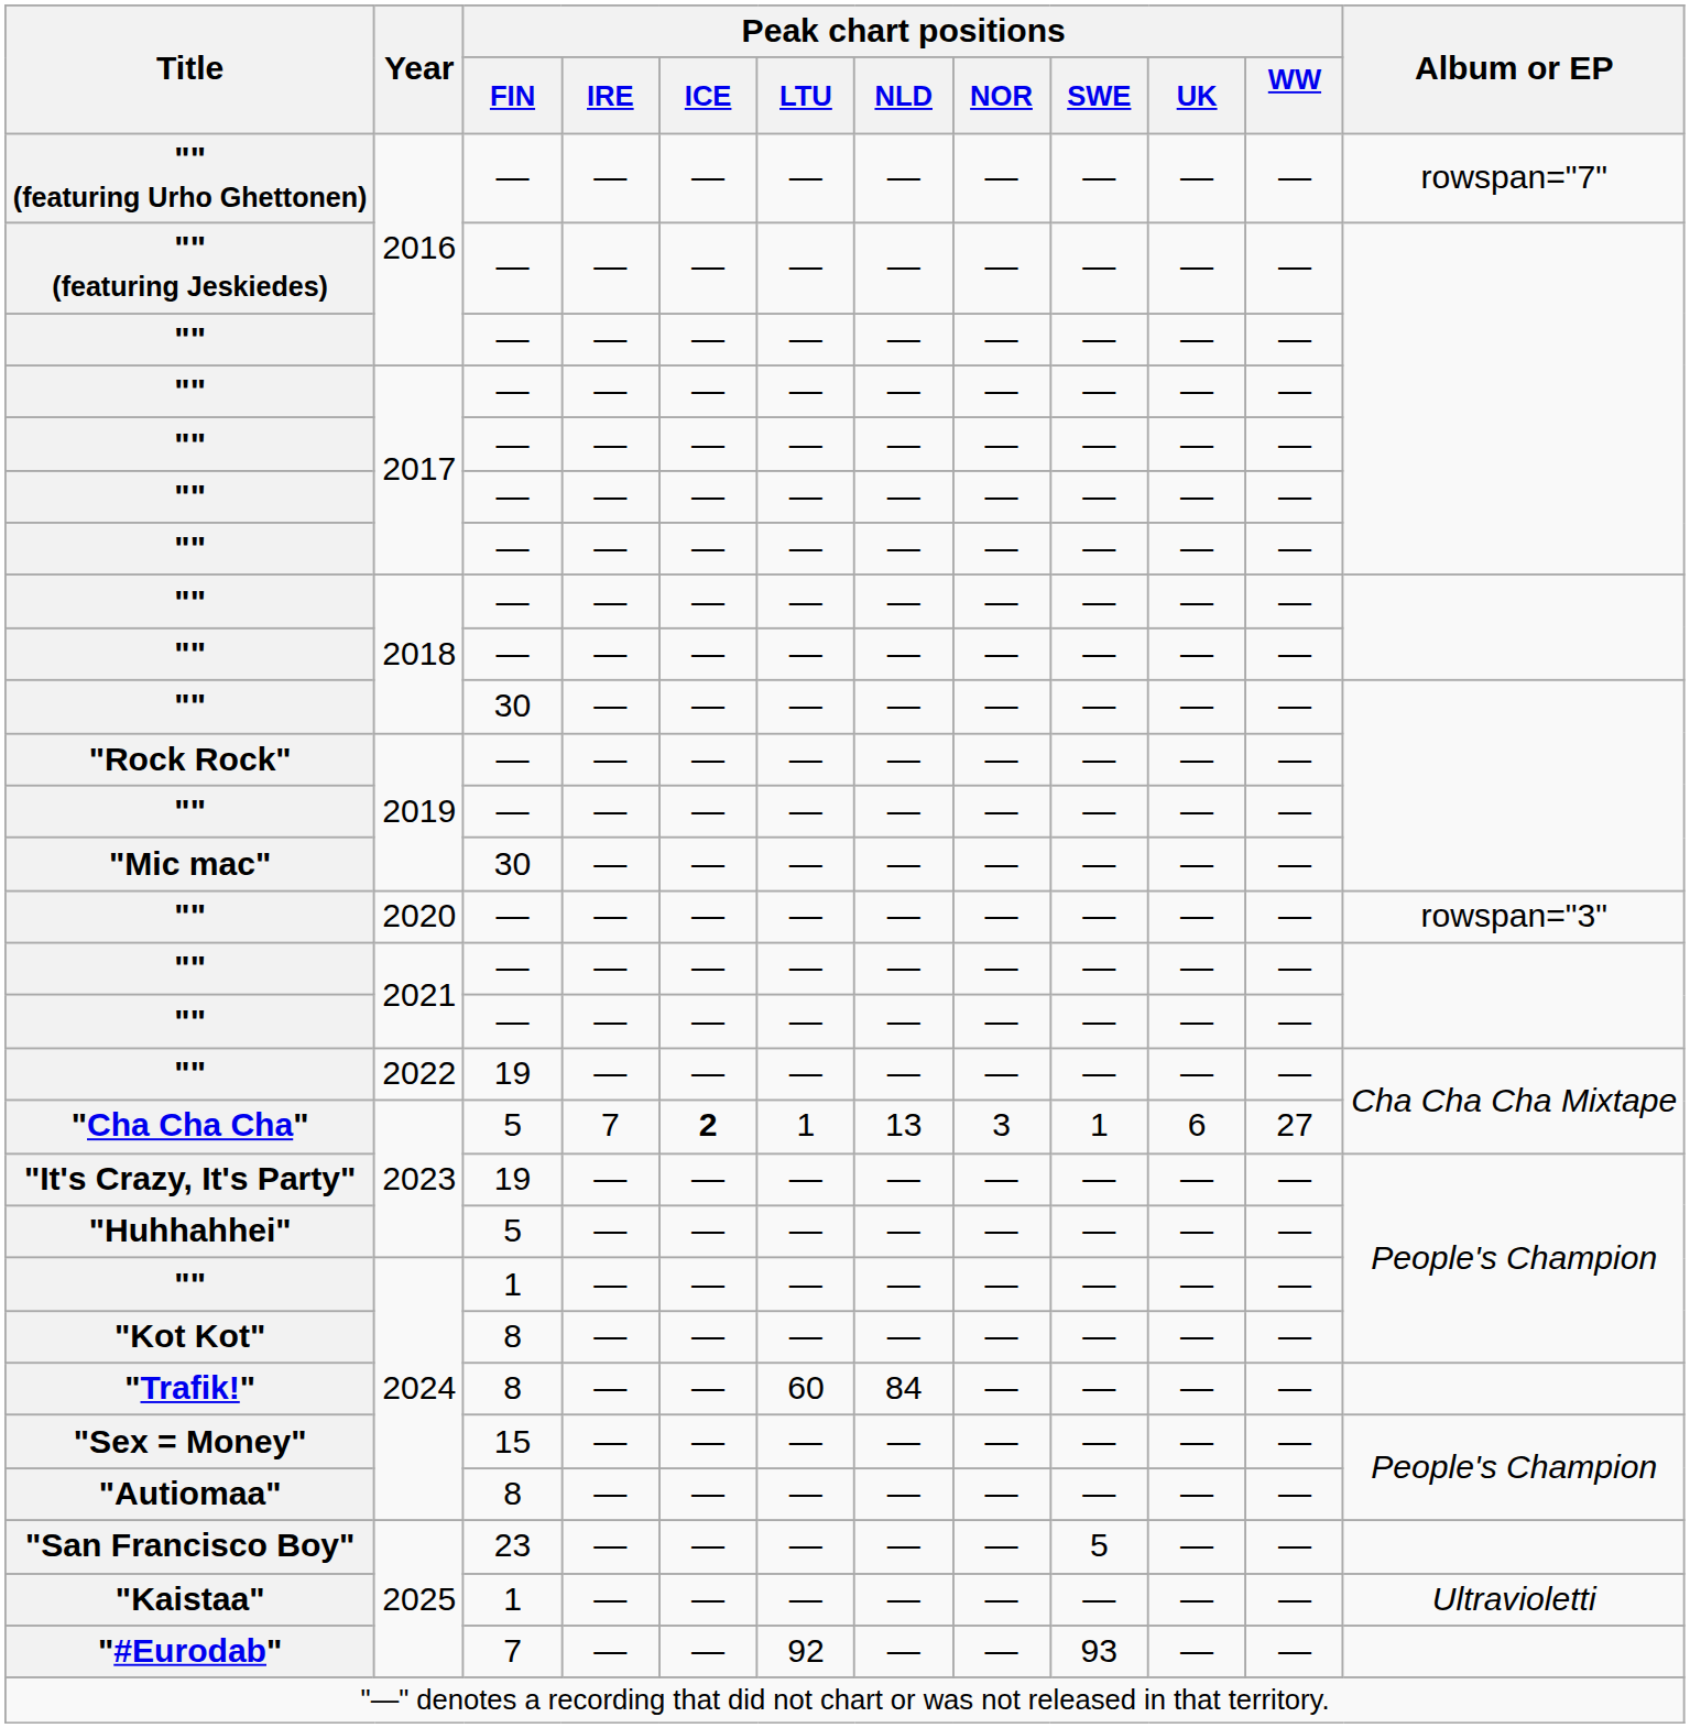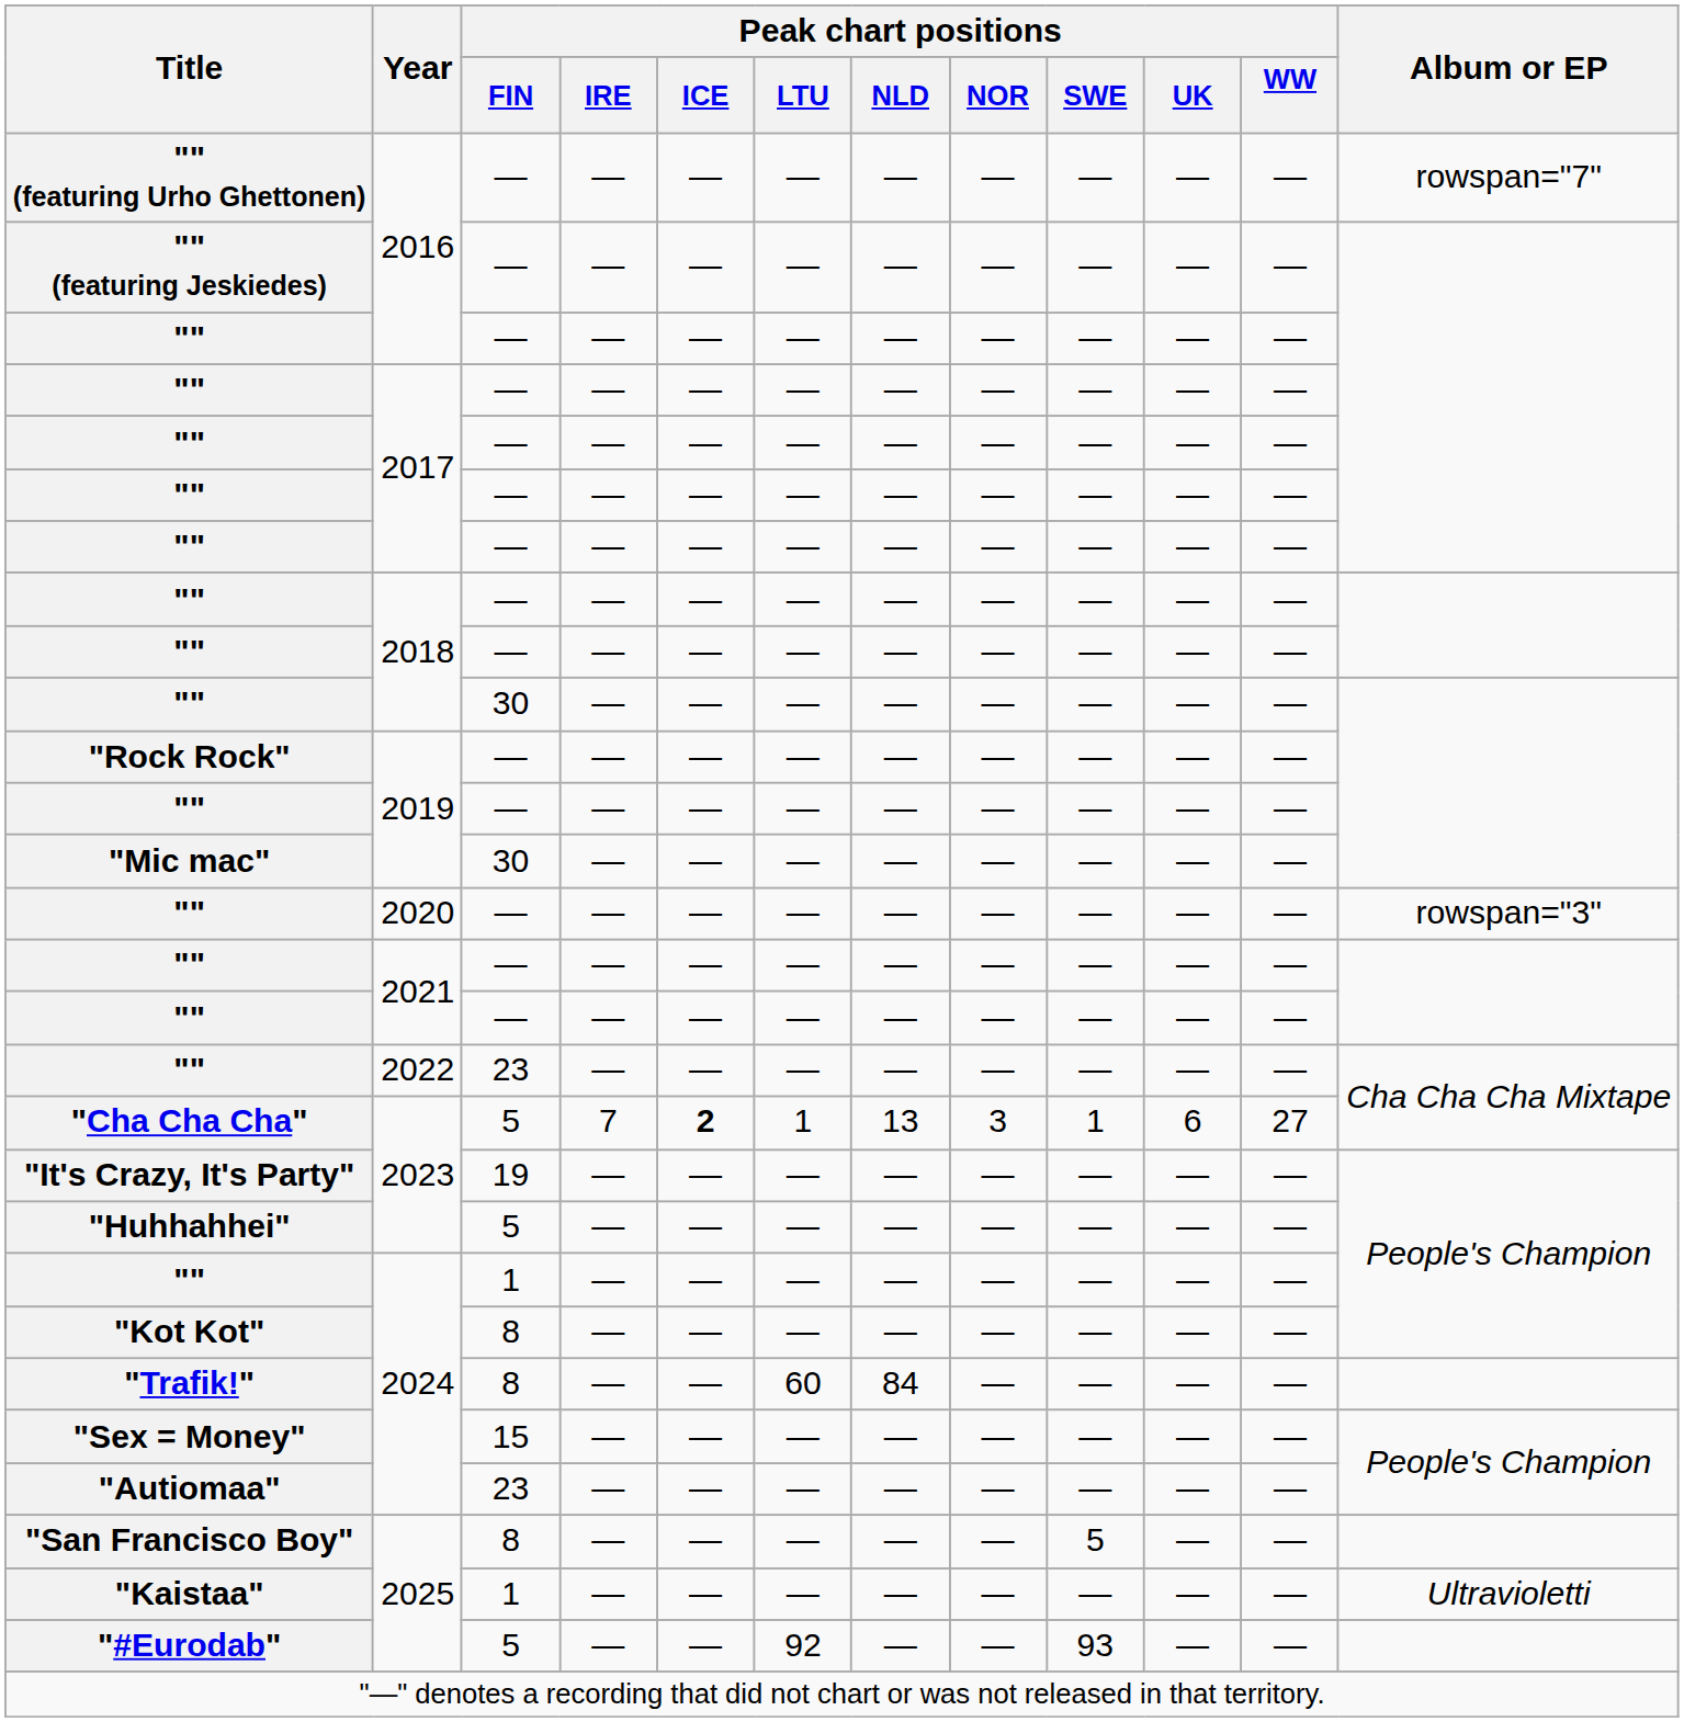 <table class="wikitable plainrowheaders" style="text-align:center;">
 <tr>
 <th scope="col" rowspan="2">Title</th>
 <th scope="col" rowspan="2">Year</th>
 <th scope="col" colspan="9">Peak chart positions</th>
 <th scope="col" rowspan="2">Album or EP</th>
 </tr>
 <tr>
 <th scope="col" style="width:3em;font-size:85%;"><a href='#'>FIN</a><br></th>
 <th scope="col" style="width:3em;font-size:85%;"><a href='#'>IRE</a><br></th>
 <th scope="col" style="width:3em;font-size:85%;"><a href='#'>ICE</a><br></th>
 <th scope="col" style="width:3em;font-size:85%;"><a href='#'>LTU</a><br></th>
 <th scope="col" style="width:3em;font-size:85%;"><a href='#'>NLD</a><br></th>
 <th scope="col" style="width:3em;font-size:85%;"><a href='#'>NOR</a><br></th>
 <th scope="col" style="width:3em;font-size:85%;"><a href='#'>SWE</a><br></th>
 <th scope="col" style="width:3em;font-size:85%;"><a href='#'>UK</a><br></th>
 <th scope="col" style="width:3em;font-size:85%;"><a href='#'>WW</a><br><br></th>
 </tr>
 <tr>
 <th scope="row">""<br><small>(featuring Urho Ghettonen)</small></th>
 <td rowspan="3">2016</td>
 <td>—</td>
 <td>—</td>
 <td>—</td>
 <td>—</td>
 <td>—</td>
 <td>—</td>
 <td>—</td>
 <td>—</td>
 <td>—</td>
 <td>rowspan="7" </td>
 </tr>
 <tr>
 <th scope="row">""<br><small>(featuring Jeskiedes)</small></th>
 <td>—</td>
 <td>—</td>
 <td>—</td>
 <td>—</td>
 <td>—</td>
 <td>—</td>
 <td>—</td>
 <td>—</td>
 <td>—</td>
 </tr>
 <tr>
 <th scope="row">""</th>
 <td>—</td>
 <td>—</td>
 <td>—</td>
 <td>—</td>
 <td>—</td>
 <td>—</td>
 <td>—</td>
 <td>—</td>
 <td>—</td>
 </tr>
 <tr>
 <th scope="row">""</th>
 <td rowspan="4">2017</td>
 <td>—</td>
 <td>—</td>
 <td>—</td>
 <td>—</td>
 <td>—</td>
 <td>—</td>
 <td>—</td>
 <td>—</td>
 <td>—</td>
 </tr>
 <tr>
 <th scope="row">""</th>
 <td>—</td>
 <td>—</td>
 <td>—</td>
 <td>—</td>
 <td>—</td>
 <td>—</td>
 <td>—</td>
 <td>—</td>
 <td>—</td>
 </tr>
 <tr>
 <th scope="row">""</th>
 <td>—</td>
 <td>—</td>
 <td>—</td>
 <td>—</td>
 <td>—</td>
 <td>—</td>
 <td>—</td>
 <td>—</td>
 <td>—</td>
 </tr>
 <tr>
 <th scope="row">""</th>
 <td>—</td>
 <td>—</td>
 <td>—</td>
 <td>—</td>
 <td>—</td>
 <td>—</td>
 <td>—</td>
 <td>—</td>
 <td>—</td>
 </tr>
 <tr>
 <th scope="row">""</th>
 <td rowspan="3">2018</td>
 <td>—</td>
 <td>—</td>
 <td>—</td>
 <td>—</td>
 <td>—</td>
 <td>—</td>
 <td>—</td>
 <td>—</td>
 <td>—</td>
 <td rowspan="2"></td>
 </tr>
 <tr>
 <th scope="row">""</th>
 <td>—</td>
 <td>—</td>
 <td>—</td>
 <td>—</td>
 <td>—</td>
 <td>—</td>
 <td>—</td>
 <td>—</td>
 <td>—</td>
 </tr>
 <tr>
 <th scope="row">""</th>
 <td>30</td>
 <td>—</td>
 <td>—</td>
 <td>—</td>
 <td>—</td>
 <td>—</td>
 <td>—</td>
 <td>—</td>
 <td>—</td>
 <td rowspan="4"></td>
 </tr>
 <tr>
 <th scope="row">"Rock Rock"</th>
 <td rowspan="3">2019</td>
 <td>—</td>
 <td>—</td>
 <td>—</td>
 <td>—</td>
 <td>—</td>
 <td>—</td>
 <td>—</td>
 <td>—</td>
 <td>—</td>
 </tr>
 <tr>
 <th scope="row">""</th>
 <td>—</td>
 <td>—</td>
 <td>—</td>
 <td>—</td>
 <td>—</td>
 <td>—</td>
 <td>—</td>
 <td>—</td>
 <td>—</td>
 </tr>
 <tr>
 <th scope="row">"Mic mac"</th>
 <td>30</td>
 <td>—</td>
 <td>—</td>
 <td>—</td>
 <td>—</td>
 <td>—</td>
 <td>—</td>
 <td>—</td>
 <td>—</td>
 </tr>
 <tr>
 <th scope="row">""</th>
 <td>2020</td>
 <td>—</td>
 <td>—</td>
 <td>—</td>
 <td>—</td>
 <td>—</td>
 <td>—</td>
 <td>—</td>
 <td>—</td>
 <td>—</td>
 <td>rowspan="3" </td>
 </tr>
 <tr>
 <th scope="row">""</th>
 <td rowspan="2">2021</td>
 <td>—</td>
 <td>—</td>
 <td>—</td>
 <td>—</td>
 <td>—</td>
 <td>—</td>
 <td>—</td>
 <td>—</td>
 <td>—</td>
 </tr>
 <tr>
 <th scope="row">""</th>
 <td>—</td>
 <td>—</td>
 <td>—</td>
 <td>—</td>
 <td>—</td>
 <td>—</td>
 <td>—</td>
 <td>—</td>
 <td>—</td>
 </tr>
 <tr>
 <th scope="row">""</th>
 <td>2022</td>
-<td>19</td>
+<td>23</td>
 <td>—</td>
 <td>—</td>
 <td>—</td>
 <td>—</td>
 <td>—</td>
 <td>—</td>
 <td>—</td>
 <td>—</td>
 <td rowspan="2"><em>Cha Cha Cha Mixtape</em></td>
 </tr>
 <tr>
 <th scope="row">"<a href='#'>Cha Cha Cha</a>"</th>
 <td rowspan="3">2023</td>
 <td>5</td>
 <td>7</td>
 <td><strong>2</strong></td>
 <td>1</td>
 <td>13</td>
 <td>3</td>
 <td>1</td>
 <td>6</td>
 <td>27</td>
 </tr>
 <tr>
 <th scope="row">"It's Crazy, It's Party"<br></th>
 <td>19</td>
 <td>—</td>
 <td>—</td>
 <td>—</td>
 <td>—</td>
 <td>—</td>
 <td>—</td>
 <td>—</td>
 <td>—</td>
 <td rowspan="4"><em>People's Champion</em></td>
 </tr>
 <tr>
 <th scope="row">"Huhhahhei"</th>
 <td>5</td>
 <td>—</td>
 <td>—</td>
 <td>—</td>
 <td>—</td>
 <td>—</td>
 <td>—</td>
 <td>—</td>
 <td>—</td>
 </tr>
 <tr>
 <th scope="row">""<br></th>
 <td rowspan="5">2024</td>
 <td>1</td>
 <td>—</td>
 <td>—</td>
 <td>—</td>
 <td>—</td>
 <td>—</td>
 <td>—</td>
 <td>—</td>
 <td>—</td>
 </tr>
 <tr>
 <th scope="row">"Kot Kot"</th>
 <td>8</td>
 <td>—</td>
 <td>—</td>
 <td>—</td>
 <td>—</td>
 <td>—</td>
 <td>—</td>
 <td>—</td>
 <td>—</td>
 </tr>
 <tr>
 <th scope="row">"<a href='#'>Trafik!</a>"<br></th>
 <td>8</td>
 <td>—</td>
 <td>—</td>
 <td>60</td>
 <td>84</td>
 <td>—</td>
 <td>—</td>
 <td>—</td>
 <td>—</td>
 <td></td>
 </tr>
 <tr>
 <th scope="row">"Sex = Money"</th>
 <td>15</td>
 <td>—</td>
 <td>—</td>
 <td>—</td>
 <td>—</td>
 <td>—</td>
 <td>—</td>
 <td>—</td>
 <td>—</td>
 <td rowspan="2"><em>People's Champion</em></td>
 </tr>
 <tr>
 <th scope="row">"Autiomaa"</th>
-<td>8</td>
+<td>23</td>
 <td>—</td>
 <td>—</td>
 <td>—</td>
 <td>—</td>
 <td>—</td>
 <td>—</td>
 <td>—</td>
 <td>—</td>
 </tr>
 <tr>
 <th scope="row">"San Francisco Boy"<br></th>
 <td rowspan="3">2025</td>
-<td>23</td>
+<td>8</td>
 <td>—</td>
 <td>—</td>
 <td>—</td>
 <td>—</td>
 <td>—</td>
 <td>5</td>
 <td>—</td>
 <td>—</td>
 <td></td>
 </tr>
 <tr>
 <th scope="row">"Kaistaa"<br></th>
 <td>1</td>
 <td>—</td>
 <td>—</td>
 <td>—</td>
 <td>—</td>
 <td>—</td>
 <td>—</td>
 <td>—</td>
 <td>—</td>
 <td><em>Ultravioletti</em></td>
 </tr>
 <tr>
 <th scope="row">"<a href='#'>#Eurodab</a>"<br></th>
-<td>7</td>
+<td>5</td>
 <td>—</td>
 <td>—</td>
 <td>92</td>
 <td>—</td>
 <td>—</td>
 <td>93<br></td>
 <td>—</td>
 <td>—</td>
 <td></td>
 </tr>
 <tr>
 <td colspan="12" style="font-size:85%">"—" denotes a recording that did not chart or was not released in that territory.</td>
 </tr>
 </table>
